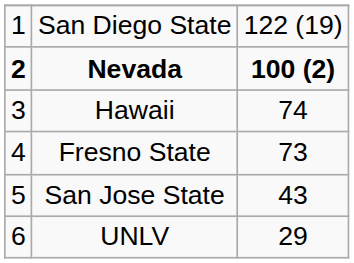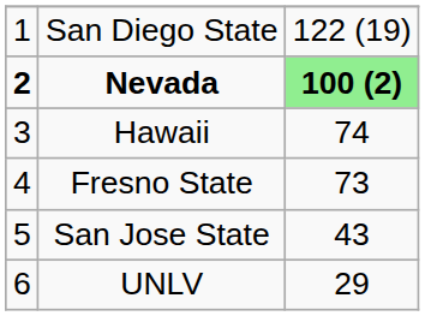 <table class="wikitable" style="display: inline-table;">
 <tr align="center">
 </tr>
 <tr align="center">
 <td>1</td>
 <td>San Diego State</td>
 <td>122 (19)</td>
 </tr>
 <tr align="center">
 <td><strong>2</strong></td>
 <td><strong>Nevada</strong></td>
-<td><strong>100 (2)</strong></td>
+<td style="background: lightgreen;"><strong>100 (2)</strong></td>
 </tr>
 <tr align="center">
 <td>3</td>
 <td>Hawaii</td>
 <td>74</td>
 </tr>
 <tr align="center">
 <td>4</td>
 <td>Fresno State</td>
 <td>73</td>
 </tr>
 <tr align="center">
 <td>5</td>
 <td>San Jose State</td>
 <td>43</td>
 </tr>
 <tr align="center">
 <td>6</td>
 <td>UNLV</td>
 <td>29</td>
 </tr>
 </table>
